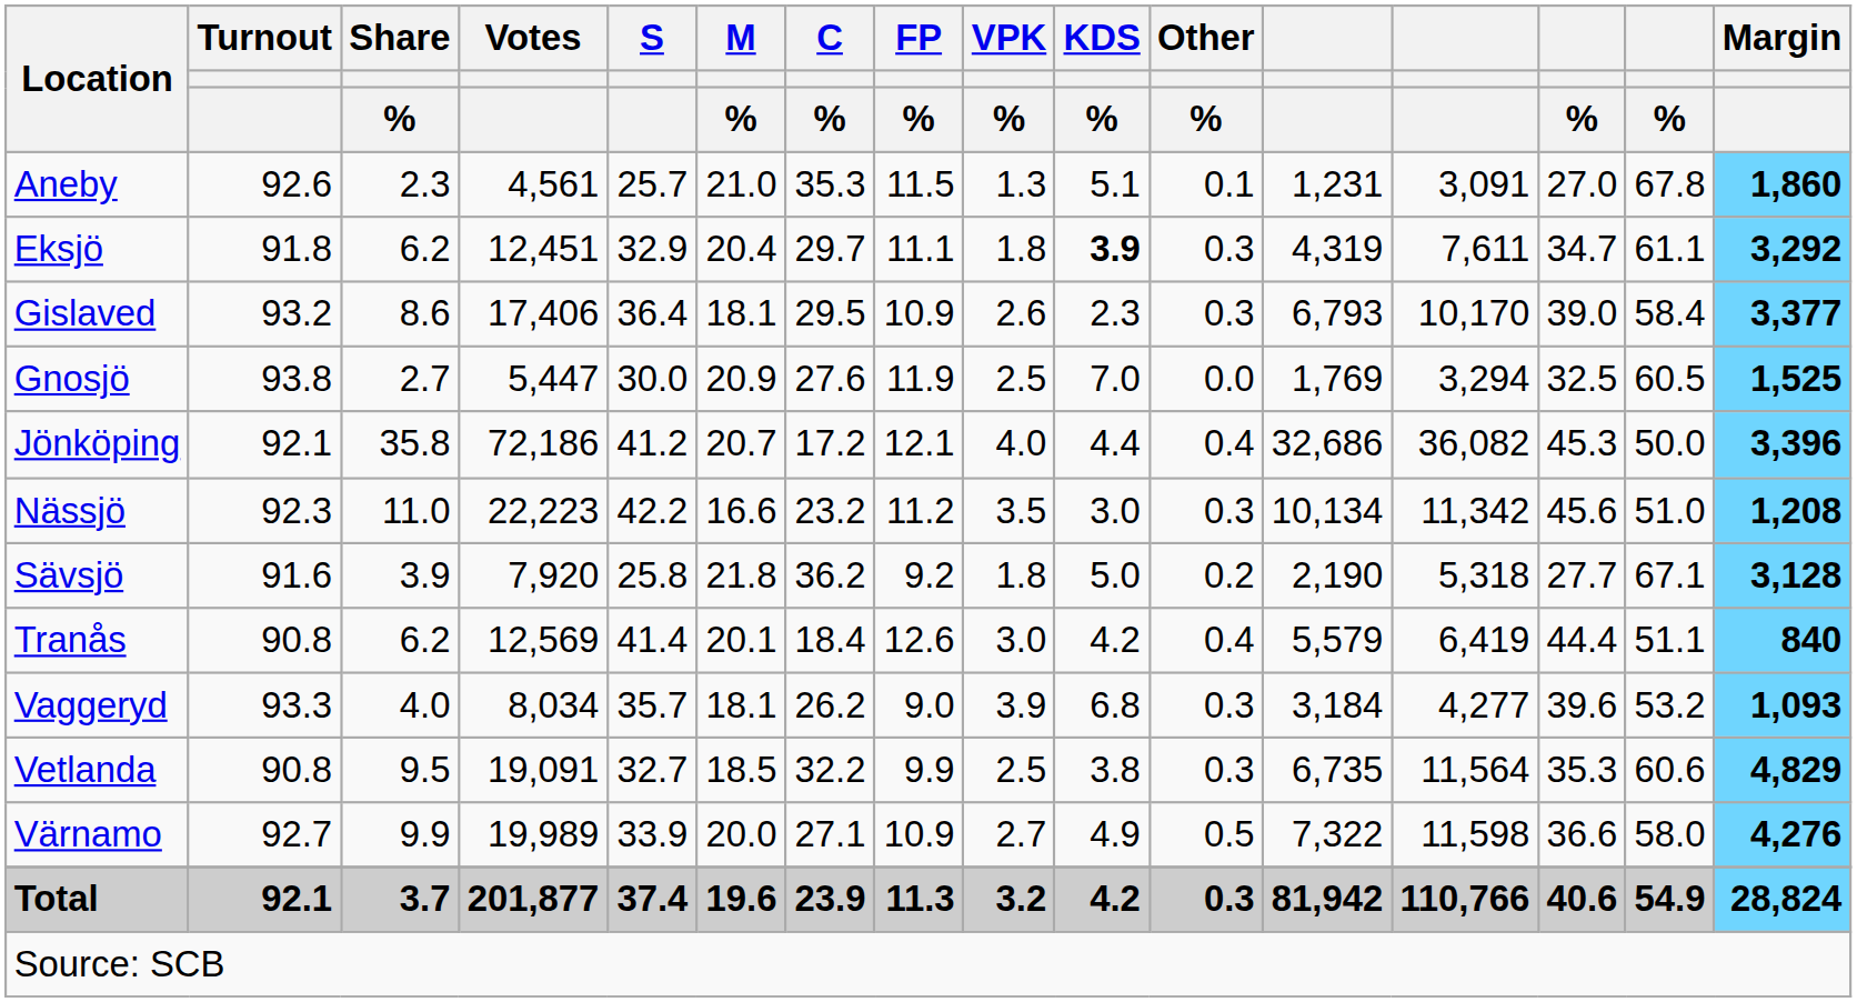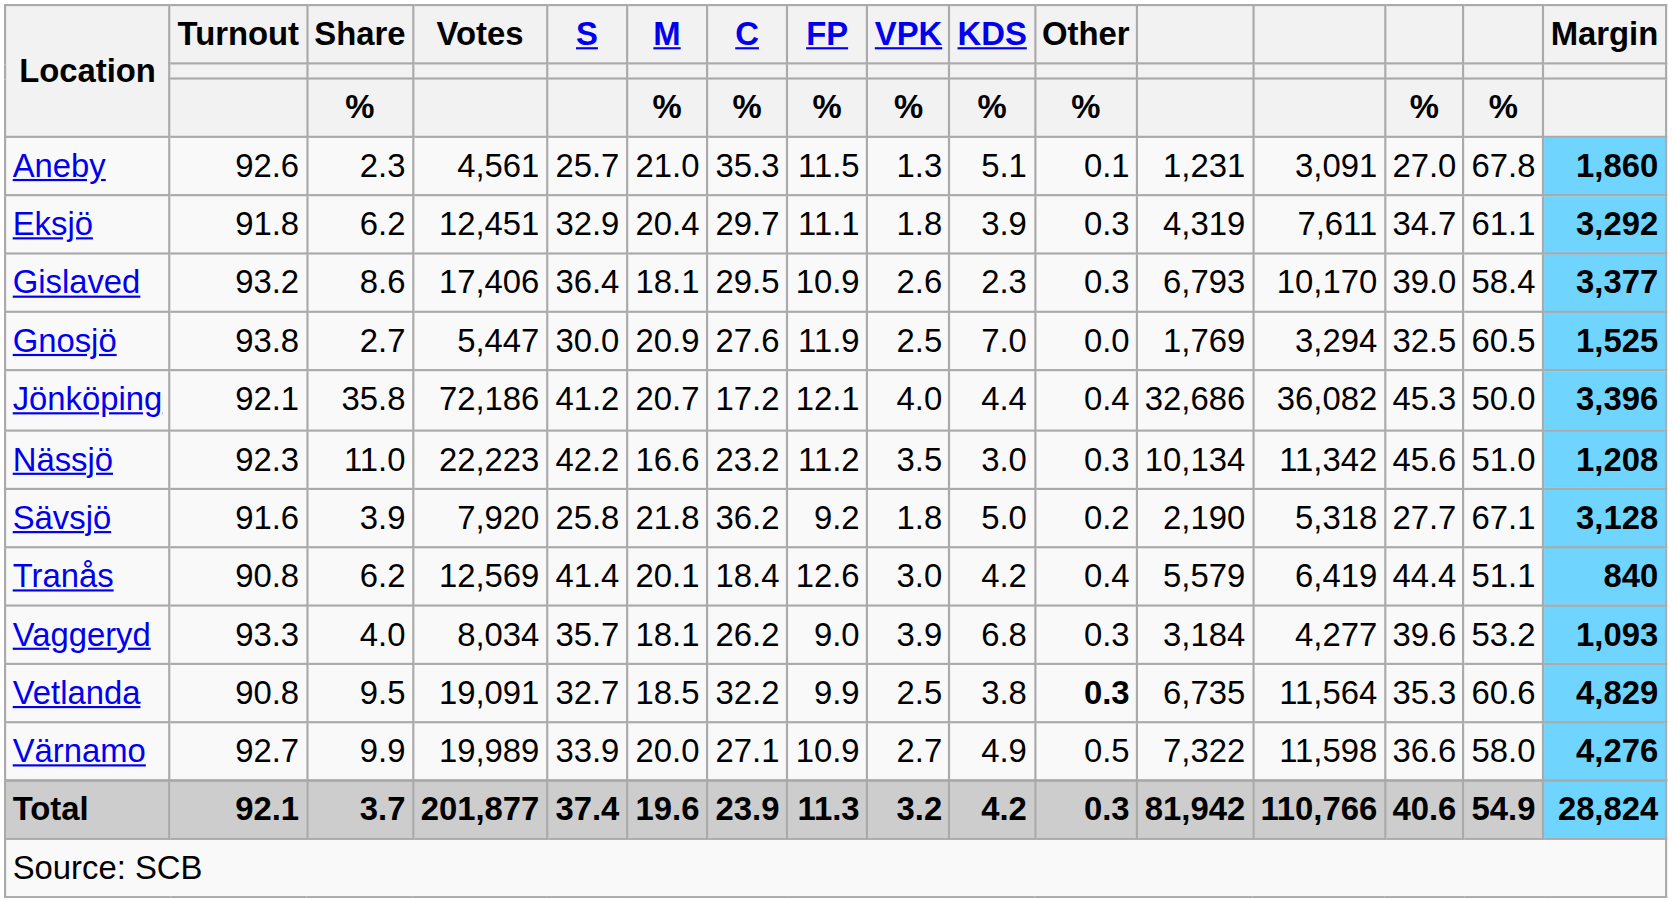 <table class="wikitable sortable" style="text-align:right; font-size:95%; line-height:20px;">
 <tr>
 <th rowspan="3">Location</th>
 <th>Turnout</th>
 <th>Share</th>
 <th>Votes</th>
 <th width="30px" class="unsortable"><a href='#'>S</a></th>
 <th width="30px" class="unsortable"><a href='#'>M</a></th>
 <th width="30px" class="unsortable"><a href='#'>C</a></th>
 <th width="30px" class="unsortable"><a href='#'>FP</a></th>
 <th width="30px" class="unsortable"><a href='#'>VPK</a></th>
 <th width="30px" class="unsortable"><a href='#'>KDS</a></th>
 <th width="30px" class="unsortable">Other</th>
 <th></th>
 <th></th>
 <th></th>
 <th></th>
 <th>Margin</th>
 </tr>
 <tr>
 <th></th>
 <th></th>
 <th></th>
 <th style="background:"></th>
 <th style="background:"></th>
 <th style="background:"></th>
 <th style="background:"></th>
 <th style="background:"></th>
 <th style="background:"></th>
 <th style="background:"></th>
 <th style="background:"></th>
 <th style="background:"></th>
 <th style="background:"></th>
 <th style="background:"></th>
 <th></th>
 </tr>
 <tr>
 <th></th>
 <th data-sort-type="number">%</th>
 <th data-sort-type="number"></th>
 <th></th>
 <th data-sort-type="number">%</th>
 <th data-sort-type="number">%</th>
 <th data-sort-type="number">%</th>
 <th data-sort-type="number">%</th>
 <th data-sort-type="number">%</th>
 <th data-sort-type="number">%</th>
 <th data-sort-type="number"></th>
 <th data-sort-type="number"></th>
 <th data-sort-type="number">%</th>
 <th data-sort-type="number">%</th>
 <th data-sort-type="number"></th>
 </tr>
 <tr>
 <td align=left><a href='#'>Aneby</a></td>
 <td>92.6</td>
 <td>2.3</td>
 <td>4,561</td>
 <td>25.7</td>
 <td>21.0</td>
 <td>35.3</td>
 <td>11.5</td>
 <td>1.3</td>
 <td>5.1</td>
 <td>0.1</td>
 <td>1,231</td>
 <td>3,091</td>
 <td>27.0</td>
 <td>67.8</td>
 <td bgcolor=#6fd5fe><strong>1,860</strong></td>
 </tr>
 <tr>
 <td align=left><a href='#'>Eksjö</a></td>
 <td>91.8</td>
 <td>6.2</td>
 <td>12,451</td>
 <td>32.9</td>
 <td>20.4</td>
 <td>29.7</td>
 <td>11.1</td>
 <td>1.8</td>
-<td><strong>3.9</strong></td>
+<td>3.9</td>
 <td>0.3</td>
 <td>4,319</td>
 <td>7,611</td>
 <td>34.7</td>
 <td>61.1</td>
 <td bgcolor=#6fd5fe><strong>3,292</strong></td>
 </tr>
 <tr>
 <td align=left><a href='#'>Gislaved</a></td>
 <td>93.2</td>
 <td>8.6</td>
 <td>17,406</td>
 <td>36.4</td>
 <td>18.1</td>
 <td>29.5</td>
 <td>10.9</td>
 <td>2.6</td>
 <td>2.3</td>
 <td>0.3</td>
 <td>6,793</td>
 <td>10,170</td>
 <td>39.0</td>
 <td>58.4</td>
 <td bgcolor=#6fd5fe><strong>3,377</strong></td>
 </tr>
 <tr>
 <td align=left><a href='#'>Gnosjö</a></td>
 <td>93.8</td>
 <td>2.7</td>
 <td>5,447</td>
 <td>30.0</td>
 <td>20.9</td>
 <td>27.6</td>
 <td>11.9</td>
 <td>2.5</td>
 <td>7.0</td>
 <td>0.0</td>
 <td>1,769</td>
 <td>3,294</td>
 <td>32.5</td>
 <td>60.5</td>
 <td bgcolor=#6fd5fe><strong>1,525</strong></td>
 </tr>
 <tr>
 <td align=left><a href='#'>Jönköping</a></td>
 <td>92.1</td>
 <td>35.8</td>
 <td>72,186</td>
 <td>41.2</td>
 <td>20.7</td>
 <td>17.2</td>
 <td>12.1</td>
 <td>4.0</td>
 <td>4.4</td>
 <td>0.4</td>
 <td>32,686</td>
 <td>36,082</td>
 <td>45.3</td>
 <td>50.0</td>
 <td bgcolor=#6fd5fe><strong>3,396</strong></td>
 </tr>
 <tr>
 <td align=left><a href='#'>Nässjö</a></td>
 <td>92.3</td>
 <td>11.0</td>
 <td>22,223</td>
 <td>42.2</td>
 <td>16.6</td>
 <td>23.2</td>
 <td>11.2</td>
 <td>3.5</td>
 <td>3.0</td>
 <td>0.3</td>
 <td>10,134</td>
 <td>11,342</td>
 <td>45.6</td>
 <td>51.0</td>
 <td bgcolor=#6fd5fe><strong>1,208</strong></td>
 </tr>
 <tr>
 <td align=left><a href='#'>Sävsjö</a></td>
 <td>91.6</td>
 <td>3.9</td>
 <td>7,920</td>
 <td>25.8</td>
 <td>21.8</td>
 <td>36.2</td>
 <td>9.2</td>
 <td>1.8</td>
 <td>5.0</td>
 <td>0.2</td>
 <td>2,190</td>
 <td>5,318</td>
 <td>27.7</td>
 <td>67.1</td>
 <td bgcolor=#6fd5fe><strong>3,128</strong></td>
 </tr>
 <tr>
 <td align=left><a href='#'>Tranås</a></td>
 <td>90.8</td>
 <td>6.2</td>
 <td>12,569</td>
 <td>41.4</td>
 <td>20.1</td>
 <td>18.4</td>
 <td>12.6</td>
 <td>3.0</td>
 <td>4.2</td>
 <td>0.4</td>
 <td>5,579</td>
 <td>6,419</td>
 <td>44.4</td>
 <td>51.1</td>
 <td bgcolor=#6fd5fe><strong>840</strong></td>
 </tr>
 <tr>
 <td align=left><a href='#'>Vaggeryd</a></td>
 <td>93.3</td>
 <td>4.0</td>
 <td>8,034</td>
 <td>35.7</td>
 <td>18.1</td>
 <td>26.2</td>
 <td>9.0</td>
 <td>3.9</td>
 <td>6.8</td>
 <td>0.3</td>
 <td>3,184</td>
 <td>4,277</td>
 <td>39.6</td>
 <td>53.2</td>
 <td bgcolor=#6fd5fe><strong>1,093</strong></td>
 </tr>
 <tr>
 <td align=left><a href='#'>Vetlanda</a></td>
 <td>90.8</td>
 <td>9.5</td>
 <td>19,091</td>
 <td>32.7</td>
 <td>18.5</td>
 <td>32.2</td>
 <td>9.9</td>
 <td>2.5</td>
 <td>3.8</td>
-<td>0.3</td>
+<td><strong>0.3</strong></td>
 <td>6,735</td>
 <td>11,564</td>
 <td>35.3</td>
 <td>60.6</td>
 <td bgcolor=#6fd5fe><strong>4,829</strong></td>
 </tr>
 <tr>
 <td align=left><a href='#'>Värnamo</a></td>
 <td>92.7</td>
 <td>9.9</td>
 <td>19,989</td>
 <td>33.9</td>
 <td>20.0</td>
 <td>27.1</td>
 <td>10.9</td>
 <td>2.7</td>
 <td>4.9</td>
 <td>0.5</td>
 <td>7,322</td>
 <td>11,598</td>
 <td>36.6</td>
 <td>58.0</td>
 <td bgcolor=#6fd5fe><strong>4,276</strong></td>
 </tr>
 <tr>
 </tr>
 <tr style="background:#CDCDCD;">
 <td align=left><strong>Total</strong></td>
 <td><strong>92.1</strong></td>
 <td><strong>3.7</strong></td>
 <td><strong>201,877</strong></td>
 <td><strong>37.4</strong></td>
 <td><strong>19.6</strong></td>
 <td><strong>23.9</strong></td>
 <td><strong>11.3</strong></td>
 <td><strong>3.2</strong></td>
 <td><strong>4.2</strong></td>
 <td><strong>0.3</strong></td>
 <td><strong>81,942</strong></td>
 <td><strong>110,766</strong></td>
 <td><strong>40.6</strong></td>
 <td><strong>54.9</strong></td>
 <td bgcolor=#6fd5fe><strong>28,824</strong></td>
 </tr>
 <tr>
 <td align=left colspan=16>Source: SCB </td>
 </tr>
 </table>
